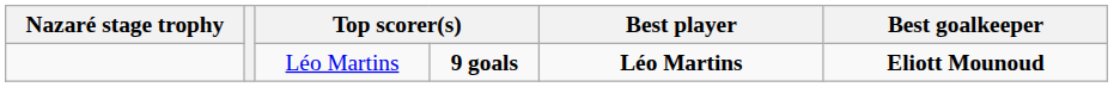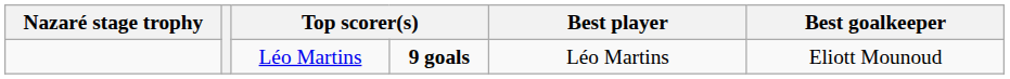 <table class="wikitable" style="text-align: center; font-size: 95%;">
 <tr>
 <th width=150>Nazaré stage trophy</th>
 <th rowspan=2></th>
 <th width=180 colspan=2>Top scorer(s)</th>
 <th width=180>Best player</th>
 <th width=180>Best goalkeeper</th>
 </tr>
 <tr align=center style="background:">
 <td style="text-align:center;"></td>
 <td> <a href='#'>Léo Martins</a></td>
 <td><strong>9 goals</strong></td>
-<td><strong> Léo Martins</strong></td>
-<td><strong> Eliott Mounoud</strong></td>
+<td> Léo Martins</td>
+<td> Eliott Mounoud</td>
 </tr>
 </table>
